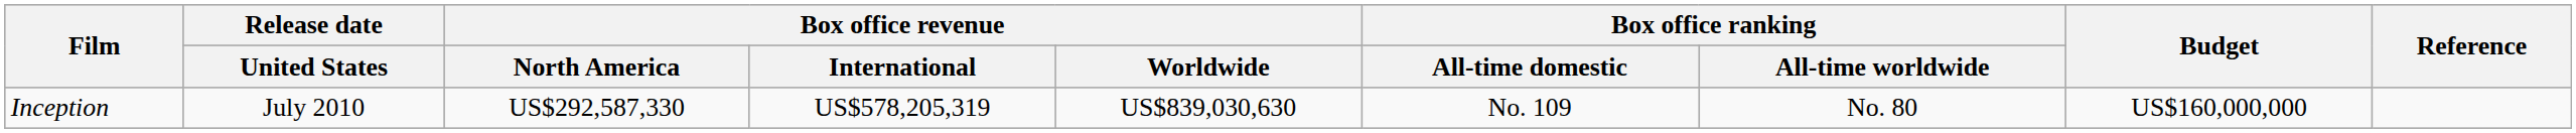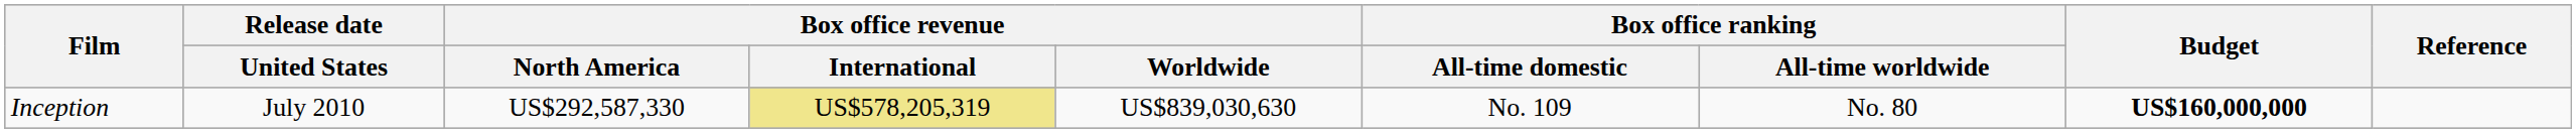 <table class="wikitable" style="width:100%;">
 <tr>
 <th rowspan="2">Film</th>
 <th colspan="1">Release date</th>
 <th colspan="3">Box office revenue</th>
 <th colspan="2" text="wrap">Box office ranking</th>
 <th rowspan="2" style="text-align:center;">Budget</th>
 <th rowspan="2" style="text-align:center;">Reference</th>
 </tr>
 <tr>
 <th>United States</th>
 <th>North America</th>
 <th>International</th>
 <th>Worldwide</th>
 <th>All-time domestic</th>
 <th>All-time worldwide</th>
 </tr>
 <tr>
 <td><em>Inception </em></td>
 <td style="text-align:center;">July 2010</td>
 <td style="text-align:center;">US$292,587,330</td>
-<td style="text-align:center;">US$578,205,319</td>
+<td style="background: khaki; text-align:center;">US$578,205,319</td>
 <td style="text-align:center;">US$839,030,630</td>
 <td style="text-align:center;">No. 109</td>
 <td style="text-align:center;">No. 80</td>
-<td style="text-align:center;">US$160,000,000</td>
+<td style="text-align:center;"><strong>US$160,000,000</strong></td>
 <td style="text-align:center;"></td>
 </tr>
 </table>
